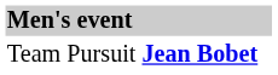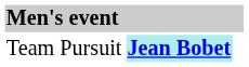 <table>
 <tr bgcolor="#cccccc">
 <td colspan=7><strong>Men's event</strong></td>
 </tr>
 <tr>
 <td>Team Pursuit</td>
-<td><strong> <a href='#'>Jean Bobet</a></strong><br><small></small></td>
+<td style="background: paleturquoise;"><strong> <a href='#'>Jean Bobet</a></strong><br><small></small></td>
 <td></td>
 <td></td>
 </tr>
 </table>
